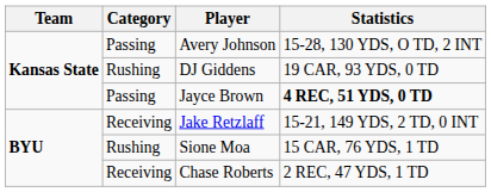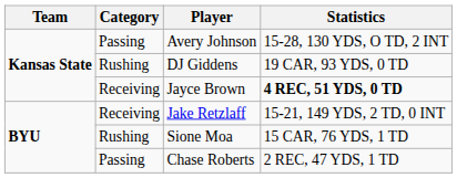 <table class="wikitable" style="float: right;">
 <tr>
 <th>Team</th>
 <th>Category</th>
 <th>Player</th>
 <th>Statistics</th>
 </tr>
 <tr>
 <td rowspan=3><strong>Kansas State</strong></td>
 <td>Passing</td>
 <td>Avery Johnson</td>
 <td>15-28, 130 YDS, O TD, 2 INT</td>
 </tr>
 <tr>
 <td>Rushing</td>
 <td>DJ Giddens</td>
 <td>19 CAR, 93 YDS, 0 TD</td>
 </tr>
 <tr>
-<td>Passing</td>
+<td>Receiving</td>
 <td>Jayce Brown</td>
 <td><strong>4 REC, 51 YDS, 0 TD</strong></td>
 </tr>
 <tr>
 <td rowspan=3><strong>BYU</strong></td>
 <td>Receiving</td>
 <td><a href='#'>Jake Retzlaff</a></td>
 <td>15-21, 149 YDS, 2 TD, 0 INT</td>
 </tr>
 <tr>
 <td>Rushing</td>
 <td>Sione Moa</td>
 <td>15 CAR, 76 YDS, 1 TD</td>
 </tr>
 <tr>
-<td>Receiving</td>
+<td>Passing</td>
 <td>Chase Roberts</td>
 <td>2 REC, 47 YDS, 1 TD</td>
 </tr>
 </table>
